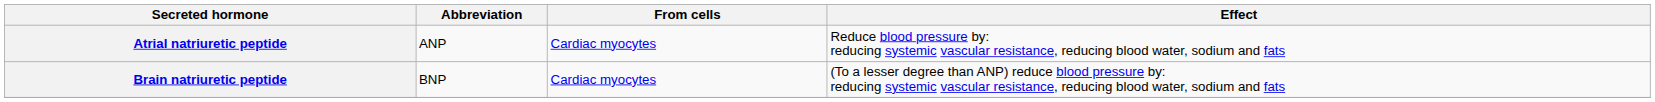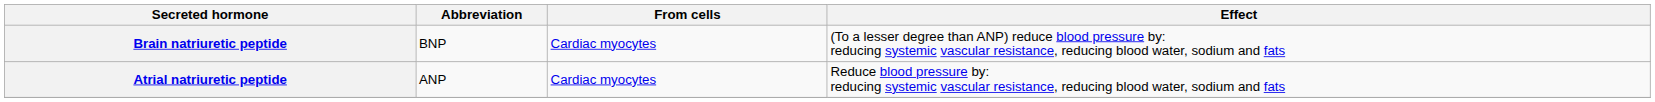 <table class="wikitable" width=100%>
 <tr>
 <th width=25%>Secreted hormone</th>
 <th width=8%>Abbreviation</th>
 <th width=17%>From cells</th>
 <th>Effect</th>
 </tr>
 <tr>
+<th><a href='#'>Brain natriuretic peptide</a></th>
+<td>BNP</td>
+<td><a href='#'>Cardiac myocytes</a></td>
+<td>(To a lesser degree than ANP) reduce <a href='#'>blood pressure</a> by:<br>reducing <a href='#'>systemic</a> <a href='#'>vascular resistance</a>, reducing blood water, sodium and <a href='#'>fats</a></td>
+</tr>
+<tr>
 <th><a href='#'>Atrial natriuretic peptide</a></th>
 <td>ANP</td>
 <td><a href='#'>Cardiac myocytes</a></td>
 <td>Reduce <a href='#'>blood pressure</a> by:<br>reducing <a href='#'>systemic</a> <a href='#'>vascular resistance</a>, reducing blood water, sodium and <a href='#'>fats</a></td>
 </tr>
 <tr>
-<th><a href='#'>Brain natriuretic peptide</a></th>
-<td>BNP</td>
-<td><a href='#'>Cardiac myocytes</a></td>
-<td>(To a lesser degree than ANP) reduce <a href='#'>blood pressure</a> by:<br>reducing <a href='#'>systemic</a> <a href='#'>vascular resistance</a>, reducing blood water, sodium and <a href='#'>fats</a></td>
-</tr>
-<tr>
 </tr>
 </table>
